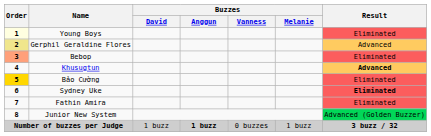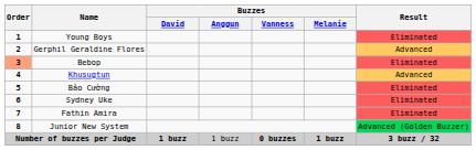 <table class="wikitable" style="font-size:85%; text-align:center">
 <tr>
 <th rowspan="2">Order</th>
 <th rowspan="2">Name</th>
 <th colspan="4">Buzzes</th>
 <th rowspan="2">Result</th>
 </tr>
 <tr>
 <th width="70"><a href='#'>David</a></th>
 <th width="70"><a href='#'>Anggun</a></th>
 <th width="70"><a href='#'>Vanness</a></th>
 <th width="70"><a href='#'>Melanie</a></th>
 </tr>
 <tr>
-<td style="background: lightyellow;"><strong>1</strong></td>
+<td><strong>1</strong></td>
 <td>Young Boys</td>
 <td></td>
 <td></td>
 <td></td>
 <td></td>
 <td style="background:#FC5D5D">Eliminated</td>
 </tr>
 <tr>
-<td style="background: khaki;"><strong>2</strong></td>
+<td><strong>2</strong></td>
 <td>Gerphil Geraldine Flores</td>
 <td></td>
 <td></td>
 <td></td>
 <td></td>
 <td style="background:#FFCB60">Advanced</td>
 </tr>
 <tr>
 <td style="background: lightsalmon;"><strong>3</strong></td>
 <td>Bebop</td>
 <td style="text-align:center;"></td>
 <td></td>
 <td></td>
 <td></td>
 <td style="background:#FC5D5D">Eliminated</td>
 </tr>
 <tr>
 <td><strong>4</strong></td>
 <td><a href='#'>Khusugtun</a></td>
 <td></td>
 <td></td>
 <td></td>
 <td></td>
-<td style="background:#FFCB60"><strong>Advanced</strong></td>
+<td style="background:#FFCB60">Advanced</td>
 </tr>
 <tr>
-<td style="background: gold;"><strong>5</strong></td>
+<td><strong>5</strong></td>
 <td>Bảo Cường</td>
 <td></td>
 <td style="text-align:center;"></td>
 <td></td>
 <td style="text-align:center;"></td>
 <td style="background:#FC5D5D">Eliminated</td>
 </tr>
 <tr>
 <td><strong>6</strong></td>
 <td>Sydney Uke</td>
 <td></td>
 <td></td>
 <td></td>
 <td></td>
-<td style="background:#FC5D5D"><strong>Eliminated</strong></td>
+<td style="background:#FC5D5D">Eliminated</td>
 </tr>
 <tr>
 <td><strong>7</strong></td>
 <td>Fathin Amira</td>
 <td></td>
 <td></td>
 <td></td>
 <td></td>
 <td style="background:#FC5D5D">Eliminated</td>
 </tr>
 <tr>
 <td><strong>8</strong></td>
 <td>Junior New System</td>
 <td colspan="4"></td>
 <td style="background:#01D758">Advanced (Golden Buzzer)</td>
 </tr>
 <tr>
 <td colspan="2" style="background:#CECECE"><strong>Number of buzzes per Judge</strong></td>
+<td style="background:#CECECE"><strong>1 buzz</strong></td>
 <td style="background:#CECECE">1 buzz</td>
+<td style="background:#CECECE"><strong>0 buzzes</strong></td>
 <td style="background:#CECECE"><strong>1 buzz</strong></td>
-<td style="background:#CECECE">0 buzzes</td>
-<td style="background:#CECECE">1 buzz</td>
 <td style="background:#CECECE"><strong>3 buzz / 32</strong></td>
 </tr>
 </table>
